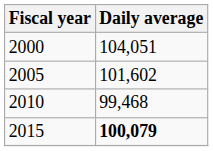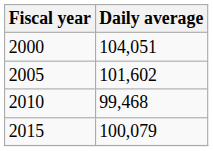 <table class="wikitable">
 <tr>
 <th>Fiscal year</th>
 <th>Daily average</th>
 </tr>
 <tr>
 <td>2000</td>
 <td>104,051</td>
 </tr>
 <tr>
 <td>2005</td>
 <td>101,602</td>
 </tr>
 <tr>
 <td>2010</td>
 <td>99,468</td>
 </tr>
 <tr>
 <td>2015</td>
-<td><strong>100,079</strong></td>
+<td>100,079</td>
 </tr>
 <tr>
 </tr>
 </table>
